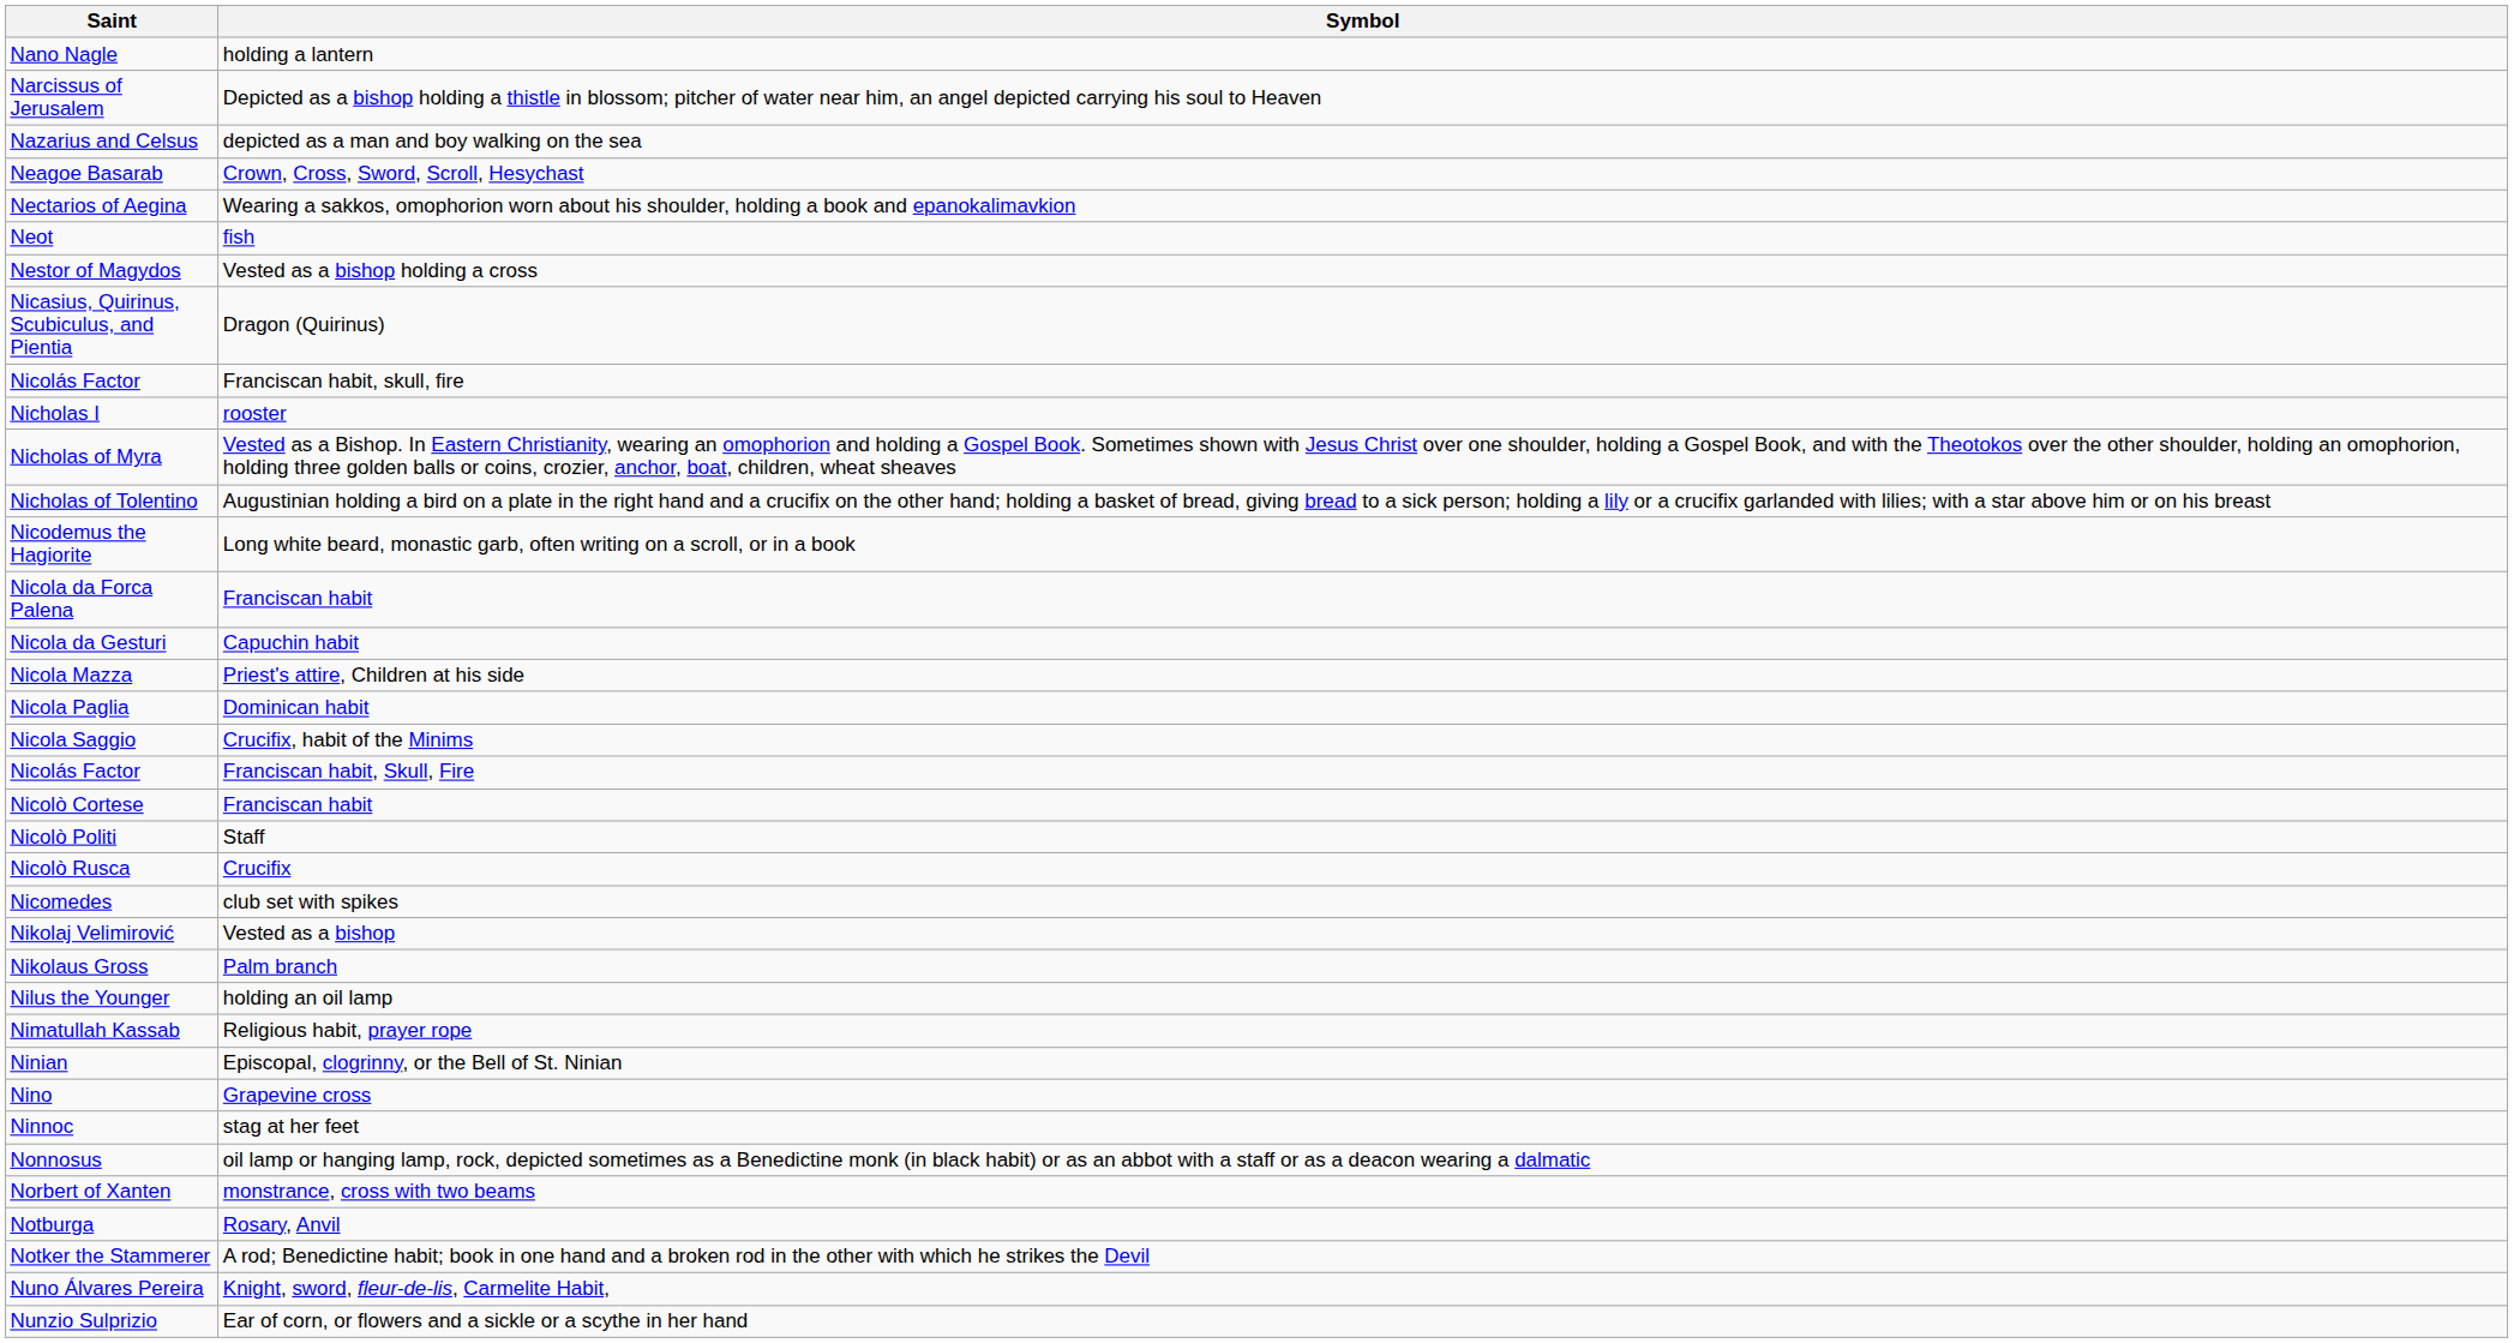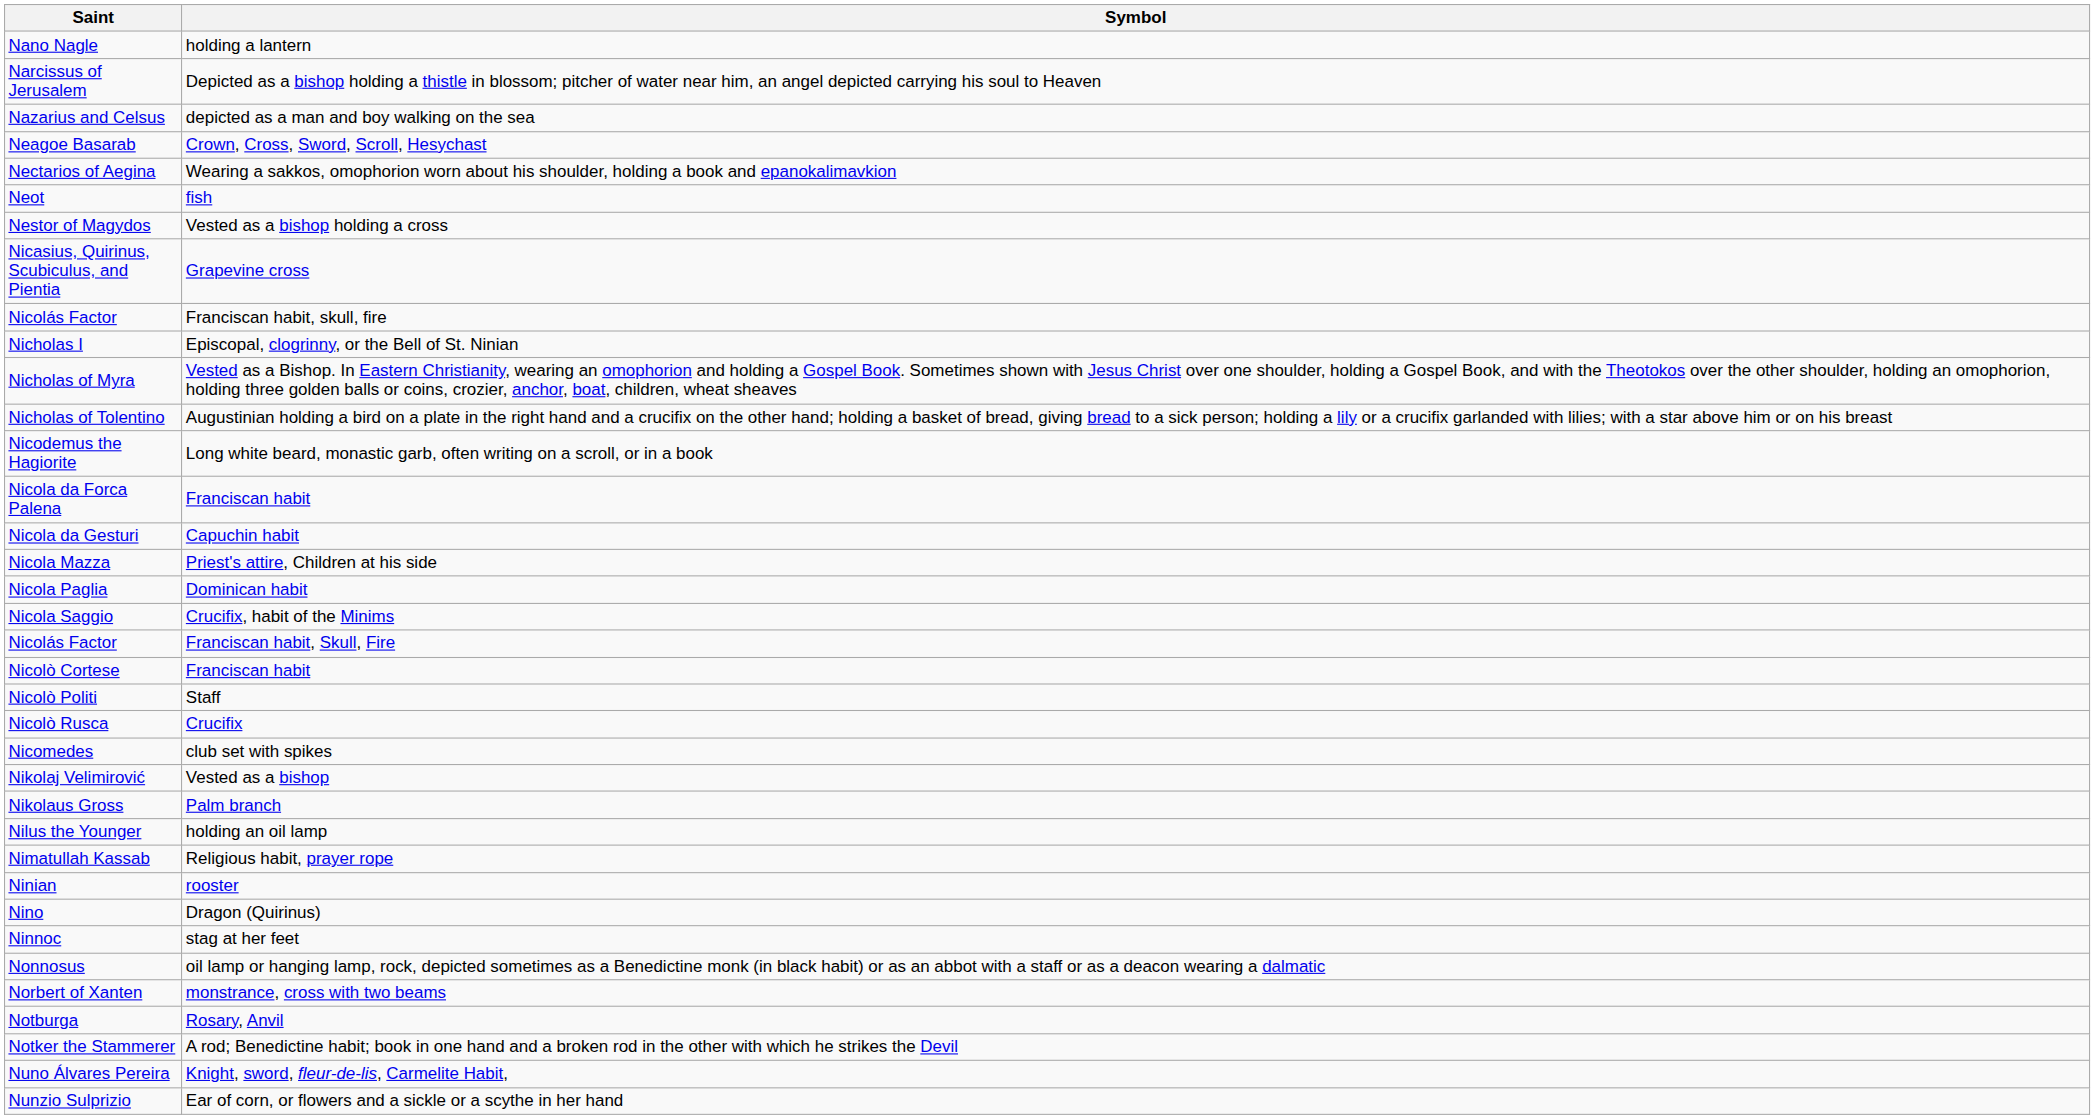 <table class="wikitable">
 <tr>
 <th scope="col" style="width: 10em;">Saint</th>
 <th scope="col">Symbol</th>
 </tr>
 <tr>
 <td><a href='#'>Nano Nagle</a></td>
 <td>holding a lantern</td>
 </tr>
 <tr>
 <td><a href='#'>Narcissus of Jerusalem</a></td>
 <td>Depicted as a <a href='#'>bishop</a> holding a <a href='#'>thistle</a> in blossom; pitcher of water near him, an angel depicted carrying his soul to Heaven</td>
 </tr>
 <tr>
 <td><a href='#'>Nazarius and Celsus</a></td>
 <td>depicted as a man and boy walking on the sea</td>
 </tr>
 <tr>
 <td><a href='#'>Neagoe Basarab</a></td>
 <td><a href='#'>Crown</a>, <a href='#'>Cross</a>, <a href='#'>Sword</a>, <a href='#'>Scroll</a>, <a href='#'>Hesychast</a></td>
 </tr>
 <tr>
 <td><a href='#'>Nectarios of Aegina</a></td>
 <td>Wearing a sakkos, omophorion worn about his shoulder, holding a book and <a href='#'>epanokalimavkion</a></td>
 </tr>
 <tr>
 <td><a href='#'>Neot</a></td>
 <td><a href='#'>fish</a></td>
 </tr>
 <tr>
 <td><a href='#'>Nestor of Magydos</a></td>
 <td>Vested as a <a href='#'>bishop</a> holding a cross</td>
 </tr>
 <tr>
 <td><a href='#'>Nicasius, Quirinus, Scubiculus, and Pientia</a></td>
-<td>Dragon (Quirinus)</td>
+<td><a href='#'>Grapevine cross</a></td>
 </tr>
 <tr>
 <td><a href='#'>Nicolás Factor</a></td>
 <td>Franciscan habit, skull, fire </td>
 </tr>
 <tr>
 <td><a href='#'>Nicholas I</a></td>
-<td><a href='#'>rooster</a></td>
+<td>Episcopal, <a href='#'>clogrinny</a>, or the Bell of St. Ninian</td>
 </tr>
 <tr>
 <td><a href='#'>Nicholas of Myra</a></td>
 <td><a href='#'>Vested</a> as a Bishop. In <a href='#'>Eastern Christianity</a>, wearing an <a href='#'>omophorion</a> and holding a <a href='#'>Gospel Book</a>. Sometimes shown with <a href='#'>Jesus Christ</a> over one shoulder, holding a Gospel Book, and with the <a href='#'>Theotokos</a> over the other shoulder, holding an omophorion, holding three golden balls or coins, crozier, <a href='#'>anchor</a>, <a href='#'>boat</a>, children, wheat sheaves</td>
 </tr>
 <tr>
 <td><a href='#'>Nicholas of Tolentino</a></td>
 <td>Augustinian holding a bird on a plate in the right hand and a crucifix on the other hand; holding a basket of bread, giving <a href='#'>bread</a> to a sick person; holding a <a href='#'>lily</a> or a crucifix garlanded with lilies; with a star above him or on his breast</td>
 </tr>
 <tr>
 <td><a href='#'>Nicodemus the Hagiorite</a></td>
 <td>Long white beard, monastic garb, often writing on a scroll, or in a book</td>
 </tr>
 <tr>
 <td><a href='#'>Nicola da Forca Palena</a></td>
 <td><a href='#'>Franciscan habit</a></td>
 </tr>
 <tr>
 <td><a href='#'>Nicola da Gesturi</a></td>
 <td><a href='#'>Capuchin habit</a></td>
 </tr>
 <tr>
 <td><a href='#'>Nicola Mazza</a></td>
 <td><a href='#'>Priest's attire</a>, Children at his side</td>
 </tr>
 <tr>
 <td><a href='#'>Nicola Paglia</a></td>
 <td><a href='#'>Dominican habit</a></td>
 </tr>
 <tr>
 <td><a href='#'>Nicola Saggio</a></td>
 <td><a href='#'>Crucifix</a>, habit of the <a href='#'>Minims</a></td>
 </tr>
 <tr>
 <td><a href='#'>Nicolás Factor</a></td>
 <td><a href='#'>Franciscan habit</a>, <a href='#'>Skull</a>, <a href='#'>Fire</a></td>
 </tr>
 <tr>
 <td><a href='#'>Nicolò Cortese</a></td>
 <td><a href='#'>Franciscan habit</a></td>
 </tr>
 <tr>
 <td><a href='#'>Nicolò Politi</a></td>
 <td>Staff</td>
 </tr>
 <tr>
 <td><a href='#'>Nicolò Rusca</a></td>
 <td><a href='#'>Crucifix</a></td>
 </tr>
 <tr>
 <td><a href='#'>Nicomedes</a></td>
 <td>club set with spikes</td>
 </tr>
 <tr>
 <td><a href='#'>Nikolaj Velimirović</a></td>
 <td>Vested as a <a href='#'>bishop</a></td>
 </tr>
 <tr>
 <td><a href='#'>Nikolaus Gross</a></td>
 <td><a href='#'>Palm branch</a></td>
 </tr>
 <tr>
 <td><a href='#'>Nilus the Younger</a></td>
 <td>holding an oil lamp</td>
 </tr>
 <tr>
 <td><a href='#'>Nimatullah Kassab</a></td>
 <td>Religious habit, <a href='#'>prayer rope</a></td>
 </tr>
 <tr>
 <td><a href='#'>Ninian</a></td>
-<td>Episcopal, <a href='#'>clogrinny</a>, or the Bell of St. Ninian</td>
+<td><a href='#'>rooster</a></td>
 </tr>
 <tr>
 <td><a href='#'>Nino</a></td>
-<td><a href='#'>Grapevine cross</a></td>
+<td>Dragon (Quirinus)</td>
 </tr>
 <tr>
 <td><a href='#'>Ninnoc</a></td>
 <td>stag at her feet</td>
 </tr>
 <tr>
 <td><a href='#'>Nonnosus</a></td>
 <td>oil lamp or hanging lamp, rock, depicted sometimes as a Benedictine monk (in black habit) or as an abbot with a staff or as a deacon wearing a <a href='#'>dalmatic</a></td>
 </tr>
 <tr>
 <td><a href='#'>Norbert of Xanten</a></td>
 <td><a href='#'>monstrance</a>, <a href='#'>cross with two beams</a></td>
 </tr>
 <tr>
 <td><a href='#'>Notburga</a></td>
 <td><a href='#'>Rosary</a>, <a href='#'>Anvil</a></td>
 </tr>
 <tr>
 <td><a href='#'>Notker the Stammerer</a></td>
 <td>A rod; Benedictine habit; book in one hand and a broken rod in the other with which he strikes the <a href='#'>Devil</a></td>
 </tr>
 <tr>
 <td><a href='#'>Nuno Álvares Pereira</a></td>
 <td><a href='#'>Knight</a>, <a href='#'>sword</a>, <em><a href='#'>fleur-de-lis</a></em>, <a href='#'>Carmelite Habit</a>,</td>
 </tr>
 <tr>
 <td><a href='#'>Nunzio Sulprizio</a></td>
 <td>Ear of corn, or flowers and a sickle or a scythe in her hand</td>
 </tr>
 </table>
